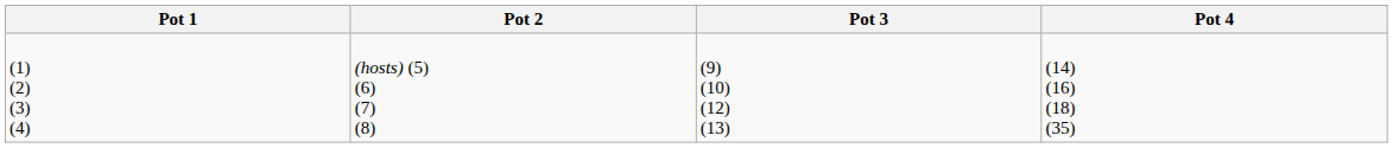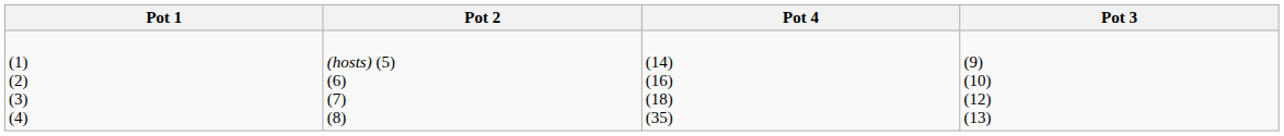 <table class="wikitable" style="width:98%">
 <tr>
 <th width=25%>Pot 1</th>
 <th width=25%>Pot 2</th>
+<th width=25%>Pot 4</th>
 <th width=25%>Pot 3</th>
-<th width=25%>Pot 4</th>
 </tr>
 <tr>
 <td><br> (1) <br>  (2) <br>  (3) <br>  (4)</td>
 <td><br> <em>(hosts)</em> (5) <br>  (6) <br>  (7) <br>  (8)</td>
+<td><br> (14) <br>  (16) <br>  (18) <br>  (35)</td>
 <td><br> (9) <br>  (10) <br>  (12) <br>  (13)</td>
-<td><br> (14) <br>  (16) <br>  (18) <br>  (35)</td>
 </tr>
 </table>
